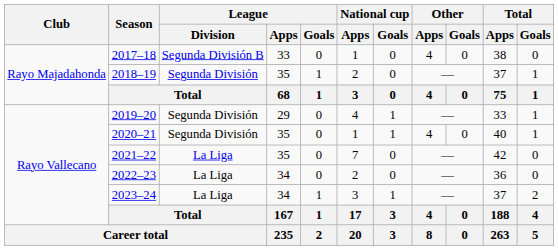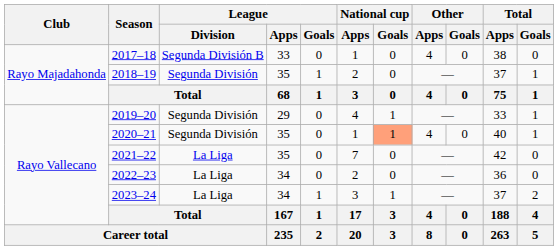 <table class="wikitable" style="text-align:center">
 <tr>
 <th rowspan="2">Club</th>
 <th rowspan="2">Season</th>
 <th colspan="3">League</th>
 <th colspan="2">National cup</th>
 <th colspan="2">Other</th>
 <th colspan="2">Total</th>
 </tr>
 <tr>
 <th>Division</th>
 <th>Apps</th>
 <th>Goals</th>
 <th>Apps</th>
 <th>Goals</th>
 <th>Apps</th>
 <th>Goals</th>
 <th>Apps</th>
 <th>Goals</th>
 </tr>
 <tr>
 <td rowspan="3"><a href='#'>Rayo Majadahonda</a></td>
 <td><a href='#'>2017–18</a></td>
 <td><a href='#'>Segunda División B</a></td>
 <td>33</td>
 <td>0</td>
 <td>1</td>
 <td>0</td>
 <td>4</td>
 <td>0</td>
 <td>38</td>
 <td>0</td>
 </tr>
 <tr>
 <td><a href='#'>2018–19</a></td>
 <td><a href='#'>Segunda División</a></td>
 <td>35</td>
 <td>1</td>
 <td>2</td>
 <td>0</td>
 <td colspan="2">—</td>
 <td>37</td>
 <td>1</td>
 </tr>
 <tr>
 <th colspan="2">Total</th>
 <th>68</th>
 <th>1</th>
 <th>3</th>
 <th>0</th>
 <th>4</th>
 <th>0</th>
 <th>75</th>
 <th>1</th>
 </tr>
 <tr>
 <td rowspan="6"><a href='#'>Rayo Vallecano</a></td>
 <td><a href='#'>2019–20</a></td>
 <td>Segunda División</td>
 <td>29</td>
 <td>0</td>
 <td>4</td>
 <td>1</td>
 <td colspan="2">—</td>
 <td>33</td>
 <td>1</td>
 </tr>
 <tr>
 <td><a href='#'>2020–21</a></td>
 <td>Segunda División</td>
 <td>35</td>
 <td>0</td>
 <td>1</td>
-<td>1</td>
+<td style="background: lightsalmon;">1</td>
 <td>4</td>
 <td>0</td>
 <td>40</td>
 <td>1</td>
 </tr>
 <tr>
 <td><a href='#'>2021–22</a></td>
 <td><a href='#'>La Liga</a></td>
 <td>35</td>
 <td>0</td>
 <td>7</td>
 <td>0</td>
 <td colspan="2">—</td>
 <td>42</td>
 <td>0</td>
 </tr>
 <tr>
 <td><a href='#'>2022–23</a></td>
 <td>La Liga</td>
 <td>34</td>
 <td>0</td>
 <td>2</td>
 <td>0</td>
 <td colspan="2">—</td>
 <td>36</td>
 <td>0</td>
 </tr>
 <tr>
 <td><a href='#'>2023–24</a></td>
 <td>La Liga</td>
 <td>34</td>
 <td>1</td>
 <td>3</td>
 <td>1</td>
 <td colspan="2">—</td>
 <td>37</td>
 <td>2</td>
 </tr>
 <tr>
 <th colspan="2">Total</th>
 <th>167</th>
 <th>1</th>
 <th>17</th>
 <th>3</th>
 <th>4</th>
 <th>0</th>
 <th>188</th>
 <th>4</th>
 </tr>
 <tr>
 <th colspan="3">Career total</th>
 <th>235</th>
 <th>2</th>
 <th>20</th>
 <th>3</th>
 <th>8</th>
 <th>0</th>
 <th>263</th>
 <th>5</th>
 </tr>
 </table>
